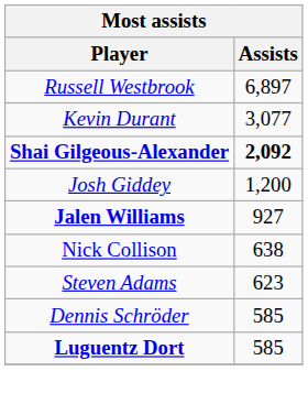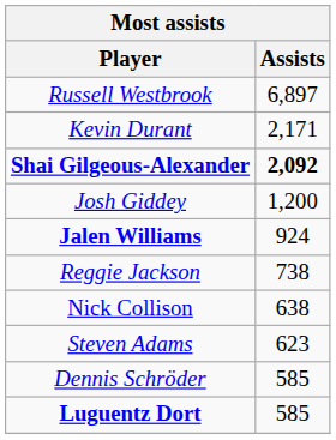 <table class="wikitable sortable" style="text-align:center">
 <tr>
 <th colspan="2" style="text-align:center; ">Most assists</th>
 </tr>
 <tr>
 <th style="text-align:center; ">Player</th>
 <th style="text-align:center; ">Assists</th>
 </tr>
 <tr>
 <td><em><a href='#'>Russell Westbrook</a></em></td>
 <td>6,897</td>
 </tr>
 <tr>
 <td><em><a href='#'>Kevin Durant</a></em></td>
-<td>3,077</td>
+<td>2,171</td>
 </tr>
 <tr>
 <td><strong><a href='#'>Shai Gilgeous-Alexander</a></strong></td>
 <td><strong>2,092</strong></td>
 </tr>
 <tr>
 <td><em><a href='#'>Josh Giddey</a></em></td>
 <td>1,200</td>
 </tr>
 <tr>
 <td><strong><a href='#'>Jalen Williams</a></strong></td>
-<td>927</td>
+<td>924</td>
+</tr>
+<tr>
+<td><em><a href='#'>Reggie Jackson</a></em></td>
+<td>738</td>
 </tr>
 <tr>
 <td><a href='#'>Nick Collison</a></td>
 <td>638</td>
 </tr>
 <tr>
 <td><em><a href='#'>Steven Adams</a></em></td>
 <td>623</td>
 </tr>
 <tr>
 <td><em><a href='#'>Dennis Schröder</a></em></td>
 <td>585</td>
 </tr>
 <tr>
 <td><strong><a href='#'>Luguentz Dort</a></strong></td>
 <td>585</td>
 </tr>
 <tr>
 </tr>
 </table>
